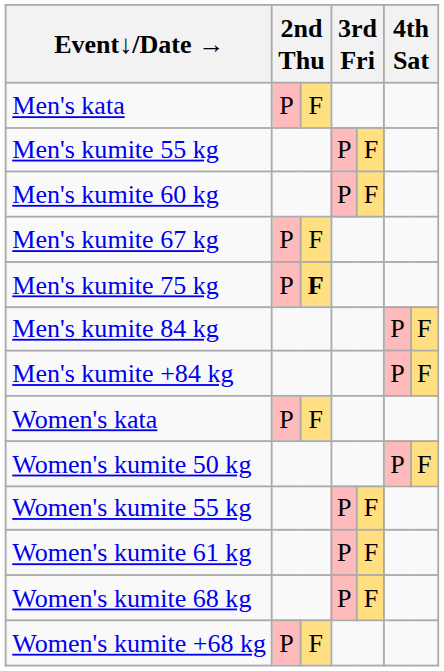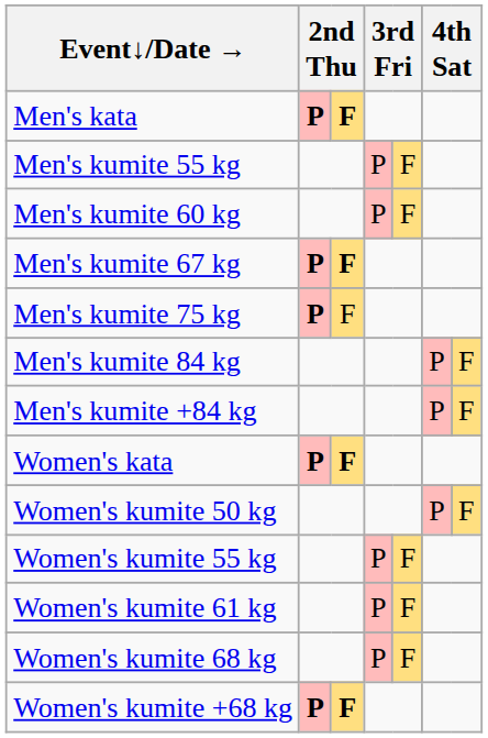 <table class="wikitable" style="margin:0.5em auto; font-size:90%; line-height:1.25em; text-align:center;">
 <tr>
 <th>Event↓/Date →</th>
 <th colspan=2>2nd<br>Thu</th>
 <th colspan=2>3rd<br>Fri</th>
 <th colspan=2>4th<br>Sat</th>
 </tr>
 <tr>
 <td align="left"><a href='#'>Men's kata</a></td>
-<td bgcolor="#FFBBBB">P</td>
-<td bgcolor="#FFDF80">F</td>
+<td bgcolor="#FFBBBB"><strong>P</strong></td>
+<td bgcolor="#FFDF80"><strong>F</strong></td>
 <td colspan=2></td>
 <td colspan=2></td>
 </tr>
 <tr>
 <td align="left"><a href='#'>Men's kumite 55 kg</a></td>
 <td colspan=2></td>
 <td bgcolor="#FFBBBB">P</td>
 <td bgcolor="#FFDF80">F</td>
 <td colspan=2></td>
 </tr>
 <tr>
 <td align="left"><a href='#'>Men's kumite 60 kg</a></td>
 <td colspan=2></td>
 <td bgcolor="#FFBBBB">P</td>
 <td bgcolor="#FFDF80">F</td>
 <td colspan=2></td>
 </tr>
 <tr>
 <td align="left"><a href='#'>Men's kumite 67 kg</a></td>
-<td bgcolor="#FFBBBB">P</td>
-<td bgcolor="#FFDF80">F</td>
+<td bgcolor="#FFBBBB"><strong>P</strong></td>
+<td bgcolor="#FFDF80"><strong>F</strong></td>
 <td colspan=2></td>
 <td colspan=2></td>
 </tr>
 <tr>
 <td align="left"><a href='#'>Men's kumite 75 kg</a></td>
-<td bgcolor="#FFBBBB">P</td>
-<td bgcolor="#FFDF80"><strong>F</strong></td>
+<td bgcolor="#FFBBBB"><strong>P</strong></td>
+<td bgcolor="#FFDF80">F</td>
 <td colspan=2></td>
 <td colspan=2></td>
 </tr>
 <tr>
 <td align="left"><a href='#'>Men's kumite 84 kg</a></td>
 <td colspan=2></td>
 <td colspan=2></td>
 <td bgcolor="#FFBBBB">P</td>
 <td bgcolor="#FFDF80">F</td>
 </tr>
 <tr>
 <td align="left"><a href='#'>Men's kumite +84 kg</a></td>
 <td colspan=2></td>
 <td colspan=2></td>
 <td bgcolor="#FFBBBB">P</td>
 <td bgcolor="#FFDF80">F</td>
 </tr>
 <tr>
 <td align="left"><a href='#'>Women's kata</a></td>
-<td bgcolor="#FFBBBB">P</td>
-<td bgcolor="#FFDF80">F</td>
+<td bgcolor="#FFBBBB"><strong>P</strong></td>
+<td bgcolor="#FFDF80"><strong>F</strong></td>
 <td colspan=2></td>
 <td colspan=2></td>
 </tr>
 <tr>
 <td align="left"><a href='#'>Women's kumite 50 kg</a></td>
 <td colspan=2></td>
 <td colspan=2></td>
 <td bgcolor="#FFBBBB">P</td>
 <td bgcolor="#FFDF80">F</td>
 </tr>
 <tr>
 <td align="left"><a href='#'>Women's kumite 55 kg</a></td>
 <td colspan=2></td>
 <td bgcolor="#FFBBBB">P</td>
 <td bgcolor="#FFDF80">F</td>
 <td colspan=2></td>
 </tr>
 <tr>
 <td align="left"><a href='#'>Women's kumite 61 kg</a></td>
 <td colspan=2></td>
 <td bgcolor="#FFBBBB">P</td>
 <td bgcolor="#FFDF80">F</td>
 <td colspan=2></td>
 </tr>
 <tr>
 <td align="left"><a href='#'>Women's kumite 68 kg</a></td>
 <td colspan=2></td>
 <td bgcolor="#FFBBBB">P</td>
 <td bgcolor="#FFDF80">F</td>
 <td colspan=2></td>
 </tr>
 <tr>
 <td align="left"><a href='#'>Women's kumite +68 kg</a></td>
-<td bgcolor="#FFBBBB">P</td>
-<td bgcolor="#FFDF80">F</td>
+<td bgcolor="#FFBBBB"><strong>P</strong></td>
+<td bgcolor="#FFDF80"><strong>F</strong></td>
 <td colspan=2></td>
 <td colspan=2></td>
 </tr>
 </table>
